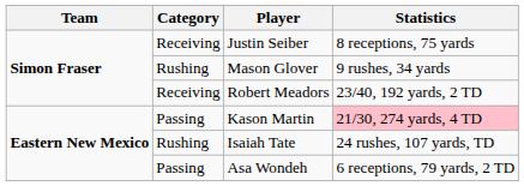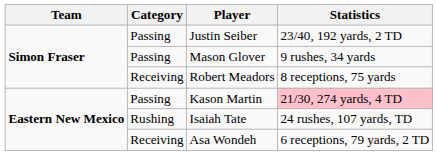 <table class="wikitable" style="float: right;">
 <tr>
 <th>Team</th>
 <th>Category</th>
 <th>Player</th>
 <th>Statistics</th>
 </tr>
 <tr>
 <td rowspan=3><strong>Simon Fraser</strong></td>
-<td>Receiving</td>
+<td>Passing</td>
 <td>Justin Seiber</td>
-<td>8 receptions, 75 yards</td>
+<td>23/40, 192 yards, 2 TD</td>
 </tr>
 <tr>
-<td>Rushing</td>
+<td>Passing</td>
 <td>Mason Glover</td>
 <td>9 rushes, 34 yards</td>
 </tr>
 <tr>
 <td>Receiving</td>
 <td>Robert Meadors</td>
-<td>23/40, 192 yards, 2 TD</td>
+<td>8 receptions, 75 yards</td>
 </tr>
 <tr>
 <td rowspan=3><strong>Eastern New Mexico</strong></td>
 <td>Passing</td>
 <td>Kason Martin</td>
 <td style="background: pink;">21/30, 274 yards, 4 TD</td>
 </tr>
 <tr>
 <td>Rushing</td>
 <td>Isaiah Tate</td>
 <td>24 rushes, 107 yards, TD</td>
 </tr>
 <tr>
-<td>Passing</td>
+<td>Receiving</td>
 <td>Asa Wondeh</td>
 <td>6 receptions, 79 yards, 2 TD</td>
 </tr>
 </table>
